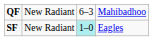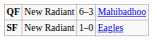 <table class="wikitable" style="font-size:95%">
 <tr>
 <td><strong>QF</strong></td>
 <td align=right>New Radiant</td>
 <td>6–3</td>
 <td><a href='#'>Mahibadhoo</a></td>
 </tr>
 <tr>
 <td><strong>SF</strong></td>
 <td align=right>New Radiant</td>
-<td style="background: paleturquoise;">1–0</td>
+<td>1–0</td>
 <td><a href='#'>Eagles</a></td>
 </tr>
 </table>
